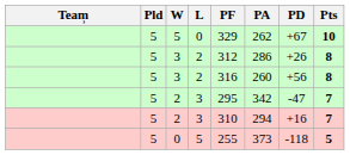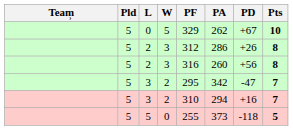 <table class=wikitable style="text-align:center">
 <tr>
 <th width=160>Team̹̹</th>
 <th width=20>Pld</th>
+<th width=20>L</th>
 <th width=20>W</th>
-<th width=20>L</th>
 <th width=35>PF</th>
 <th width=35>PA</th>
 <th width=35>PD</th>
 <th width=30>Pts</th>
 </tr>
 <tr style="background:#cfc;">
 <td align=left></td>
 <td>5</td>
+<td>0</td>
 <td>5</td>
-<td>0</td>
 <td>329</td>
 <td>262</td>
 <td>+67</td>
 <td><strong>10</strong></td>
 </tr>
 <tr style="background:#cfc;">
 <td align=left></td>
 <td>5</td>
+<td>2</td>
 <td>3</td>
-<td>2</td>
 <td>312</td>
 <td>286</td>
 <td>+26</td>
 <td><strong>8</strong></td>
 </tr>
 <tr style="background:#cfc;">
 <td align=left></td>
 <td>5</td>
+<td>2</td>
 <td>3</td>
-<td>2</td>
 <td>316</td>
 <td>260</td>
 <td>+56</td>
 <td><strong>8</strong></td>
 </tr>
 <tr style="background:#cfc;">
 <td align=left></td>
 <td>5</td>
+<td>3</td>
 <td>2</td>
-<td>3</td>
 <td>295</td>
 <td>342</td>
 <td>-47</td>
 <td><strong>7</strong></td>
 </tr>
 <tr style="background:#fcc;">
 <td align=left></td>
 <td>5</td>
+<td>3</td>
 <td>2</td>
-<td>3</td>
 <td>310</td>
 <td>294</td>
 <td>+16</td>
 <td><strong>7</strong></td>
 </tr>
 <tr style="background:#fcc;">
 <td align=left></td>
 <td>5</td>
+<td>5</td>
 <td>0</td>
-<td>5</td>
 <td>255</td>
 <td>373</td>
 <td>-118</td>
 <td><strong>5</strong></td>
 </tr>
 </table>
